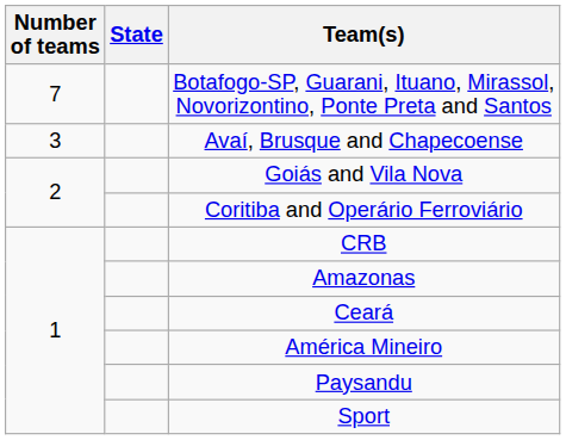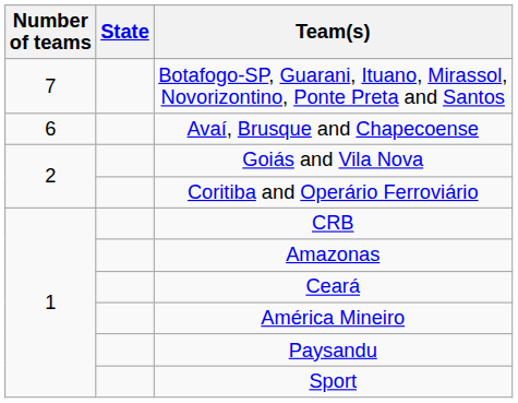 <table class="wikitable" style="text-align:center">
 <tr>
 <th>Number<br>of teams</th>
 <th><a href='#'>State</a></th>
 <th>Team(s)</th>
 </tr>
 <tr>
 <td>7</td>
 <td align=left></td>
 <td><a href='#'>Botafogo-SP</a>, <a href='#'>Guarani</a>, <a href='#'>Ituano</a>, <a href='#'>Mirassol</a>,<br><a href='#'>Novorizontino</a>, <a href='#'>Ponte Preta</a> and <a href='#'>Santos</a></td>
 </tr>
 <tr>
-<td>3</td>
+<td>6</td>
 <td align=left></td>
 <td><a href='#'>Avaí</a>, <a href='#'>Brusque</a> and <a href='#'>Chapecoense</a></td>
 </tr>
 <tr>
 <td rowspan=2>2</td>
 <td align=left></td>
 <td><a href='#'>Goiás</a> and <a href='#'>Vila Nova</a></td>
 </tr>
 <tr>
 <td align=left></td>
 <td><a href='#'>Coritiba</a> and <a href='#'>Operário Ferroviário</a></td>
 </tr>
 <tr>
 <td rowspan=6>1</td>
 <td align=left></td>
 <td><a href='#'>CRB</a></td>
 </tr>
 <tr>
 <td align=left></td>
 <td><a href='#'>Amazonas</a></td>
 </tr>
 <tr>
 <td align=left></td>
 <td><a href='#'>Ceará</a></td>
 </tr>
 <tr>
 <td align=left></td>
 <td><a href='#'>América Mineiro</a></td>
 </tr>
 <tr>
 <td align=left></td>
 <td><a href='#'>Paysandu</a></td>
 </tr>
 <tr>
 <td align=left></td>
 <td><a href='#'>Sport</a></td>
 </tr>
 </table>
